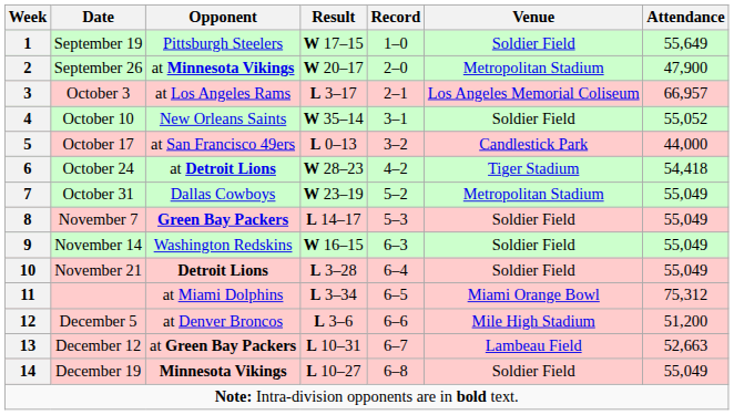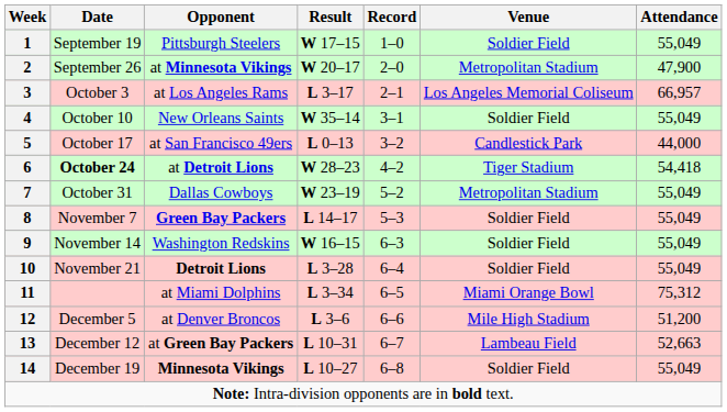 <table class="wikitable" style="text-align:center">
 <tr>
 <th>Week</th>
 <th>Date</th>
 <th>Opponent</th>
 <th>Result</th>
 <th>Record</th>
 <th>Venue</th>
 <th>Attendance</th>
 </tr>
 <tr style="background:#cfc">
 <th>1</th>
 <td>September 19</td>
 <td><a href='#'>Pittsburgh Steelers</a></td>
 <td><strong>W</strong> 17–15</td>
 <td>1–0</td>
 <td><a href='#'>Soldier Field</a></td>
-<td>55,649</td>
+<td>55,049</td>
 </tr>
 <tr style="background:#cfc">
 <th>2</th>
 <td>September 26</td>
 <td>at <strong><a href='#'>Minnesota Vikings</a></strong></td>
 <td><strong>W</strong> 20–17</td>
 <td>2–0</td>
 <td><a href='#'>Metropolitan Stadium</a></td>
 <td>47,900</td>
 </tr>
 <tr style="background:#fcc">
 <th>3</th>
 <td>October 3</td>
 <td>at <a href='#'>Los Angeles Rams</a></td>
 <td><strong>L</strong> 3–17</td>
 <td>2–1</td>
 <td><a href='#'>Los Angeles Memorial Coliseum</a></td>
 <td>66,957</td>
 </tr>
 <tr style="background:#cfc">
 <th>4</th>
 <td>October 10</td>
 <td><a href='#'>New Orleans Saints</a></td>
 <td><strong>W</strong> 35–14</td>
 <td>3–1</td>
 <td>Soldier Field</td>
-<td>55,052</td>
+<td>55,049</td>
 </tr>
 <tr style="background:#fcc">
 <th>5</th>
 <td>October 17</td>
 <td>at <a href='#'>San Francisco 49ers</a></td>
 <td><strong>L</strong> 0–13</td>
 <td>3–2</td>
 <td><a href='#'>Candlestick Park</a></td>
 <td>44,000</td>
 </tr>
 <tr style="background:#cfc">
 <th>6</th>
-<td>October 24</td>
+<td><strong>October 24</strong></td>
 <td>at <strong><a href='#'>Detroit Lions</a></strong></td>
 <td><strong>W</strong> 28–23</td>
 <td>4–2</td>
 <td><a href='#'>Tiger Stadium</a></td>
 <td>54,418</td>
 </tr>
 <tr style="background:#cfc">
 <th>7</th>
 <td>October 31</td>
 <td><a href='#'>Dallas Cowboys</a></td>
 <td><strong>W</strong> 23–19</td>
 <td>5–2</td>
 <td><a href='#'>Metropolitan Stadium</a></td>
 <td>55,049</td>
 </tr>
 <tr style="background:#fcc">
 <th>8</th>
 <td>November 7</td>
 <td><strong><a href='#'>Green Bay Packers</a></strong></td>
 <td><strong>L</strong> 14–17</td>
 <td>5–3</td>
 <td>Soldier Field</td>
 <td>55,049</td>
 </tr>
 <tr style="background:#cfc">
 <th>9</th>
 <td>November 14</td>
 <td><a href='#'>Washington Redskins</a></td>
 <td><strong>W</strong> 16–15</td>
 <td>6–3</td>
 <td>Soldier Field</td>
 <td>55,049</td>
 </tr>
 <tr style="background:#fcc">
 <th>10</th>
 <td>November 21</td>
 <td><strong>Detroit Lions</strong></td>
 <td><strong>L</strong> 3–28</td>
 <td>6–4</td>
 <td>Soldier Field</td>
 <td>55,049</td>
 </tr>
 <tr style="background:#fcc">
 <th>11</th>
 <td></td>
 <td>at <a href='#'>Miami Dolphins</a></td>
 <td><strong>L</strong> 3–34</td>
 <td>6–5</td>
 <td><a href='#'>Miami Orange Bowl</a></td>
 <td>75,312</td>
 </tr>
 <tr style="background:#fcc">
 <th>12</th>
 <td>December 5</td>
 <td>at <a href='#'>Denver Broncos</a></td>
 <td><strong>L</strong> 3–6</td>
 <td>6–6</td>
 <td><a href='#'>Mile High Stadium</a></td>
 <td>51,200</td>
 </tr>
 <tr style="background:#fcc">
 <th>13</th>
 <td>December 12</td>
 <td>at <strong>Green Bay Packers</strong></td>
 <td><strong>L</strong> 10–31</td>
 <td>6–7</td>
 <td><a href='#'>Lambeau Field</a></td>
 <td>52,663</td>
 </tr>
 <tr style="background:#fcc">
 <th>14</th>
 <td>December 19</td>
 <td><strong>Minnesota Vikings</strong></td>
 <td><strong>L</strong> 10–27</td>
 <td>6–8</td>
 <td>Soldier Field</td>
 <td>55,049</td>
 </tr>
 <tr>
 <td colspan="8"><strong>Note:</strong> Intra-division opponents are in <strong>bold</strong> text.</td>
 </tr>
 </table>
